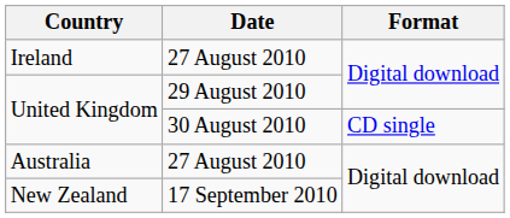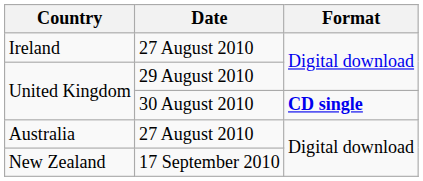 <table class="wikitable">
 <tr>
 <th>Country</th>
 <th>Date</th>
 <th>Format</th>
 </tr>
 <tr>
 <td>Ireland</td>
 <td>27 August 2010</td>
 <td rowspan="2"><a href='#'>Digital download</a></td>
 </tr>
 <tr>
 <td rowspan="2">United Kingdom</td>
 <td>29 August 2010</td>
 </tr>
 <tr>
 <td>30 August 2010</td>
-<td><a href='#'>CD single</a></td>
+<td><strong><a href='#'>CD single</a></strong></td>
 </tr>
 <tr>
 <td>Australia</td>
 <td>27 August 2010</td>
 <td rowspan="2">Digital download</td>
 </tr>
 <tr>
 <td>New Zealand</td>
 <td>17 September 2010</td>
 </tr>
 </table>
